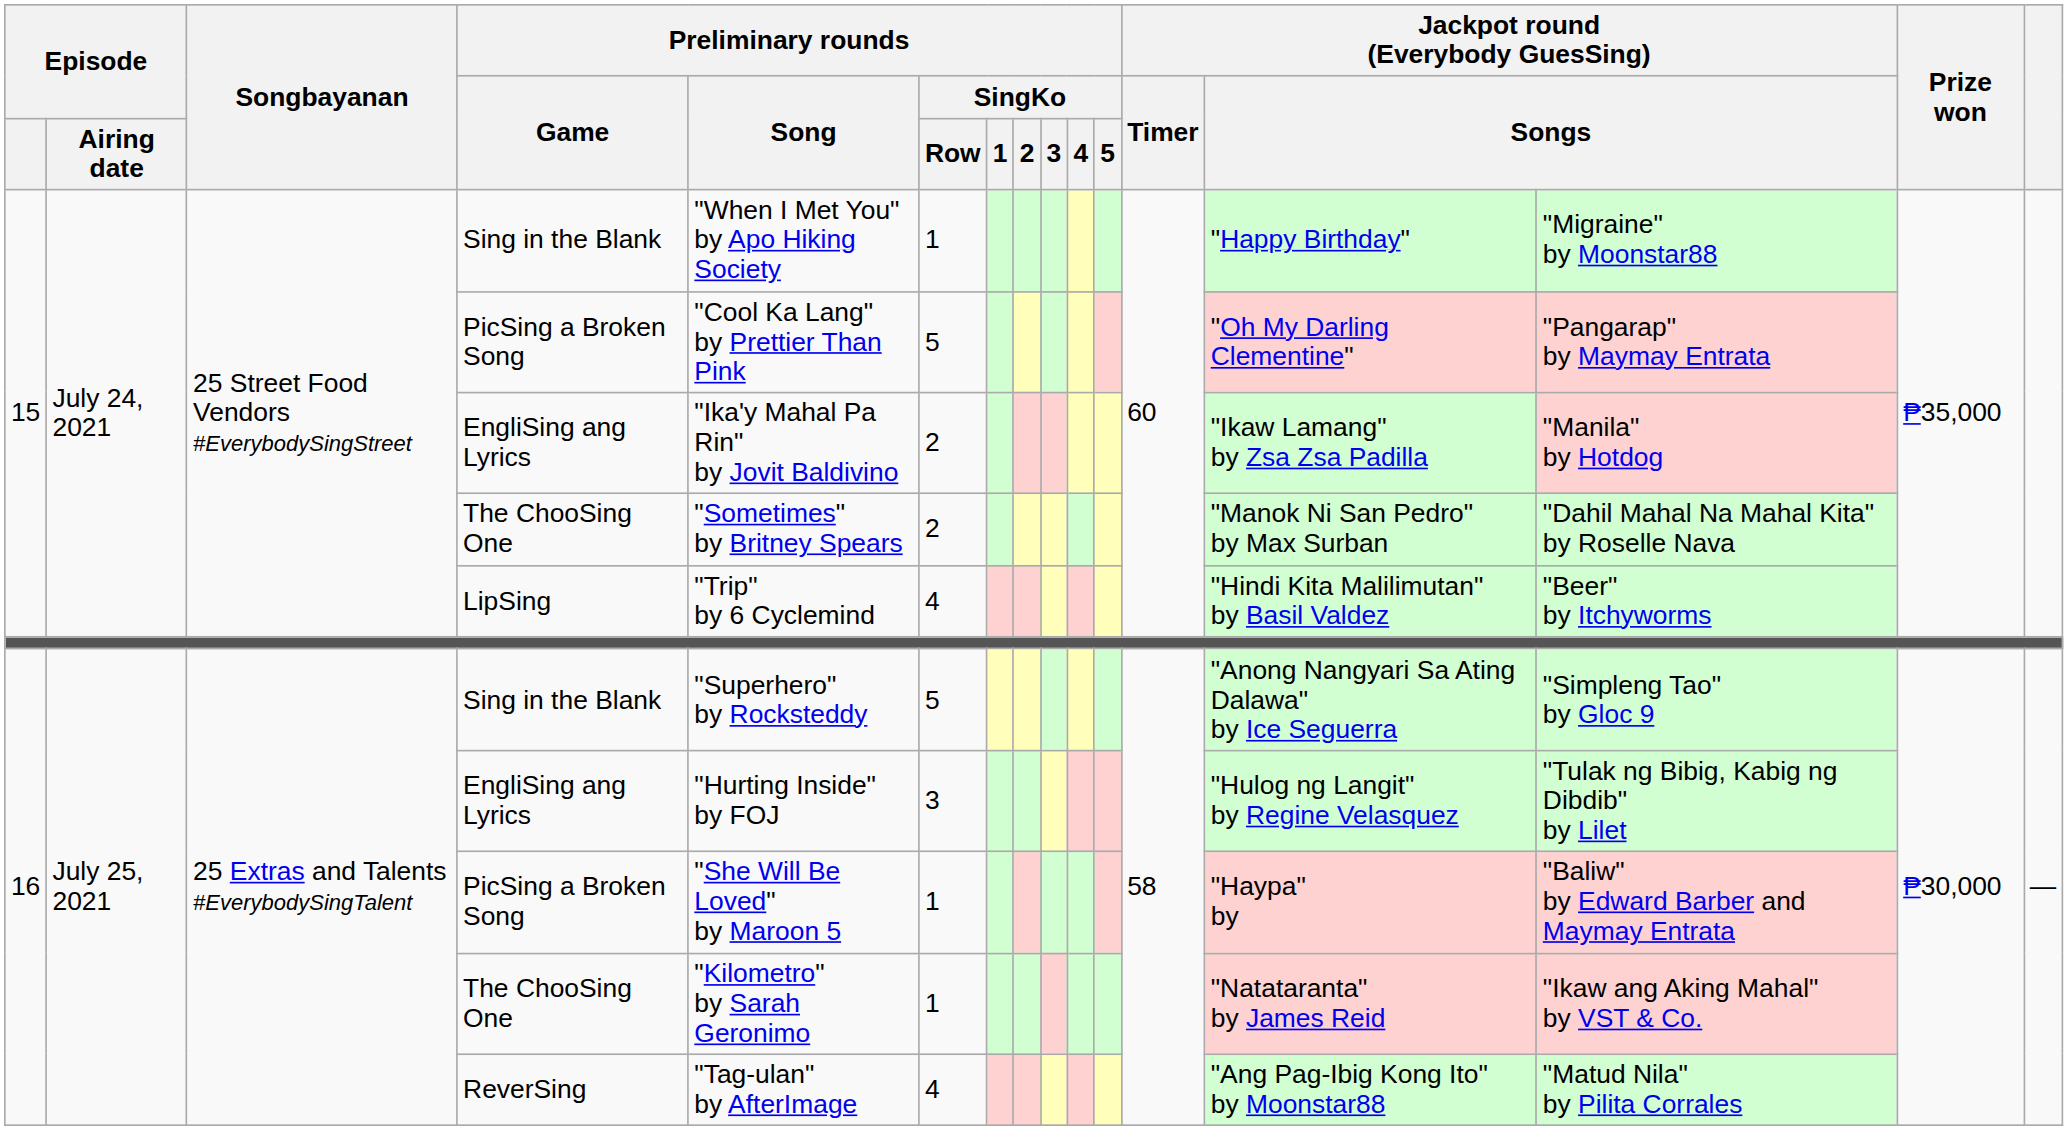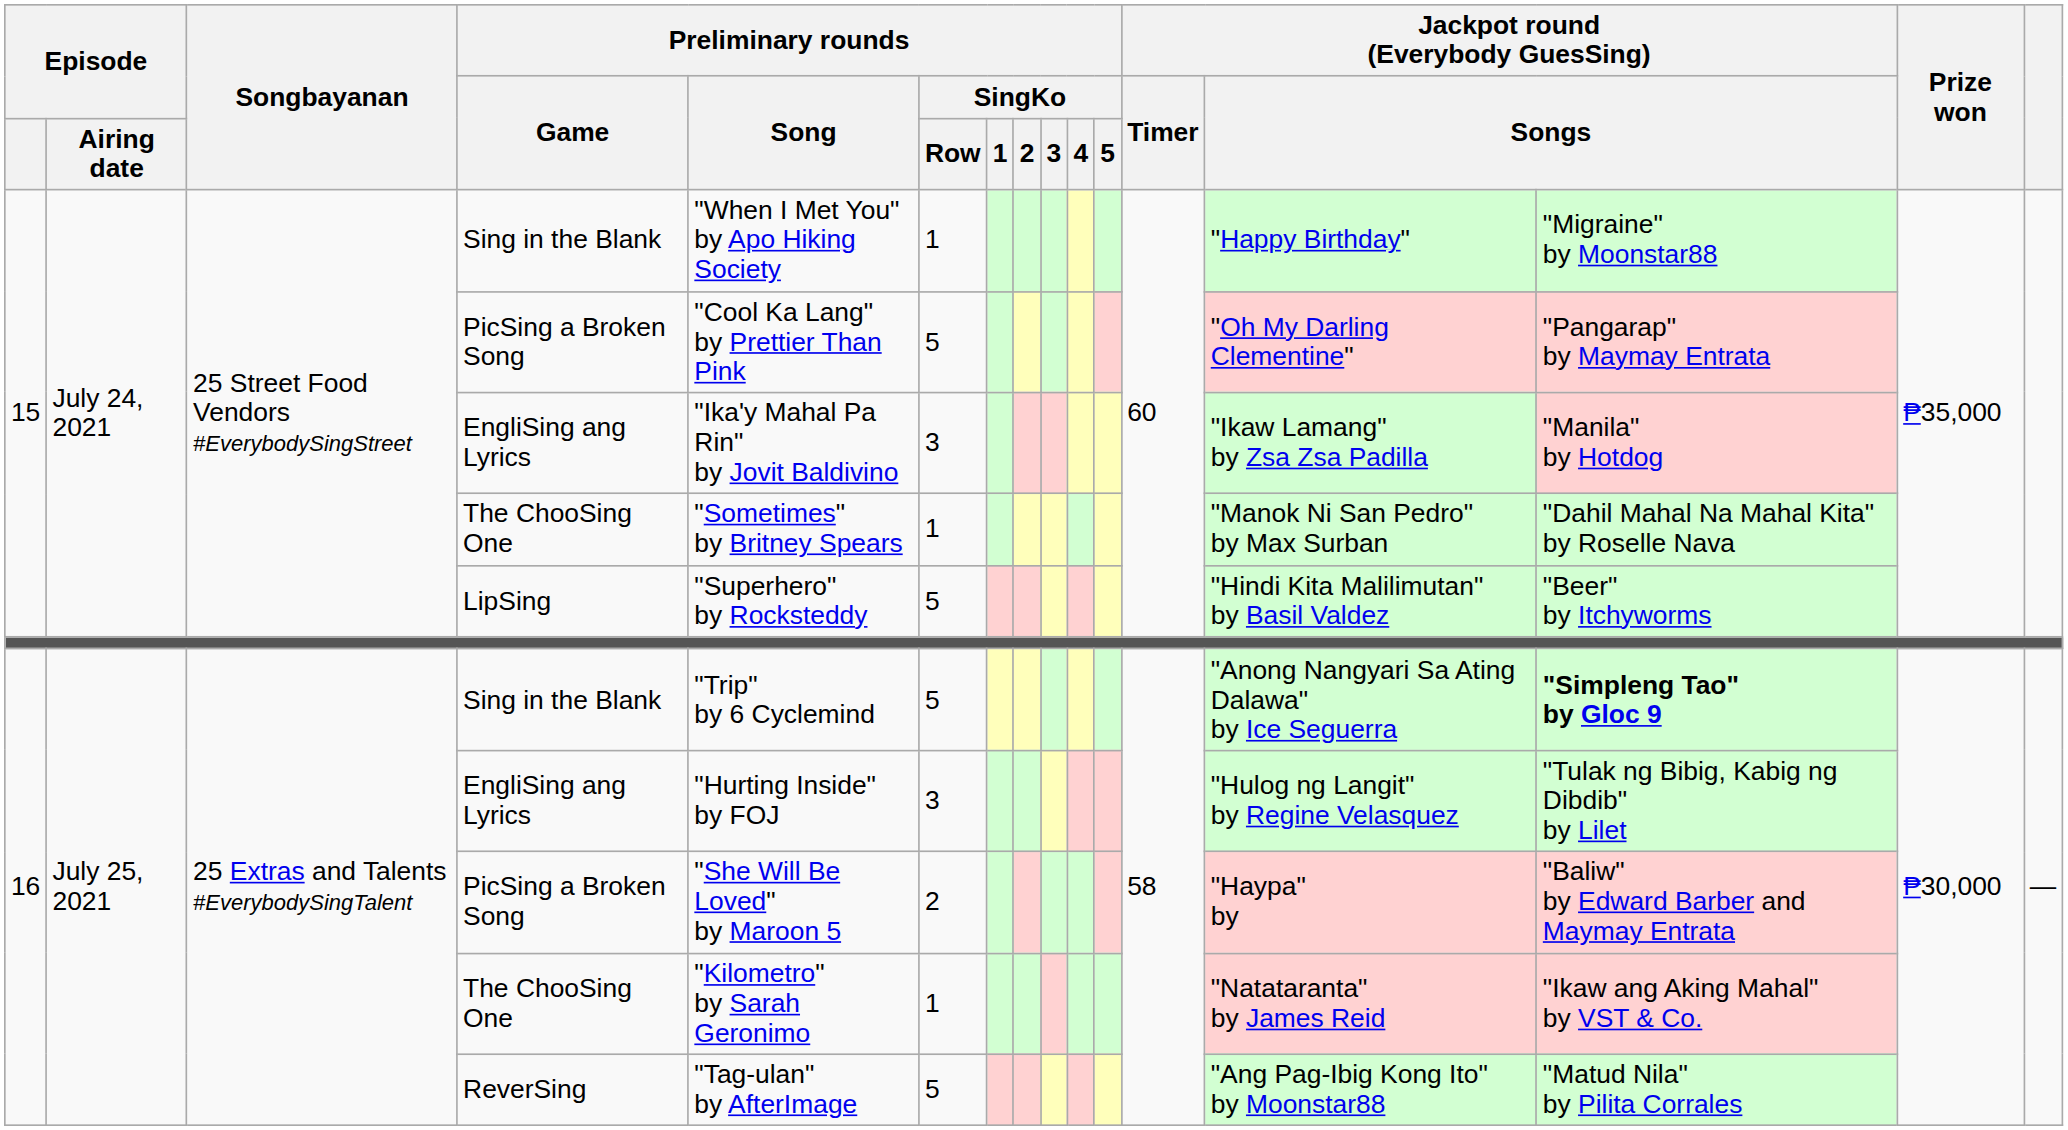 <table class="wikitable plainrowheaders mw-collapsible ">
 <tr>
 <th colspan="2" rowspan="2">Episode</th>
 <th rowspan="3">Songbayanan</th>
 <th colspan="8">Preliminary rounds</th>
 <th colspan="3">Jackpot round<br>(Everybody GuesSing)</th>
 <th rowspan="3">Prize won</th>
 <th rowspan="3"></th>
 </tr>
 <tr>
 <th rowspan="2">Game</th>
 <th rowspan="2">Song</th>
 <th colspan="6">SingKo</th>
 <th rowspan="2">Timer</th>
 <th colspan="2" rowspan="2">Songs</th>
 </tr>
 <tr>
 <th></th>
 <th>Airing date</th>
 <th>Row</th>
 <th>1</th>
 <th>2</th>
 <th>3</th>
 <th>4</th>
 <th>5</th>
 </tr>
 <tr>
 <td rowspan="5">15</td>
 <td rowspan="5">July 24, 2021</td>
 <td rowspan="5">25 Street Food Vendors<br><small><em>#EverybodySingStreet</em></small></td>
 <td>Sing in the Blank</td>
 <td>"When I Met You"<br>by <a href='#'>Apo Hiking Society</a></td>
 <td>1</td>
 <td style="background:#D2FFD2"></td>
 <td style="background:#D2FFD2"></td>
 <td style="background:#D2FFD2"></td>
 <td style="background:#FFB"></td>
 <td style="background:#D2FFD2"></td>
 <td rowspan="5">60 </td>
 <td style="background:#D2FFD2">"<a href='#'>Happy Birthday</a>"</td>
 <td style="background:#D2FFD2">"Migraine"<br>by <a href='#'>Moonstar88</a></td>
 <td rowspan="5"><a href='#'>₱</a>35,000</td>
 <td rowspan="5"><br></td>
 </tr>
 <tr>
 <td>PicSing a Broken Song</td>
 <td>"Cool Ka Lang"<br>by <a href='#'>Prettier Than Pink</a></td>
 <td>5</td>
 <td style="background:#D2FFD2"></td>
 <td style="background:#FFB"></td>
 <td style="background:#D2FFD2"></td>
 <td style="background:#FFB"></td>
 <td style="background:#FFD2D2"></td>
 <td style="background:#FFD2D2">"<a href='#'>Oh My Darling Clementine</a>"</td>
 <td style="background:#FFD2D2">"Pangarap"<br>by <a href='#'>Maymay Entrata</a></td>
 </tr>
 <tr>
 <td>EngliSing ang Lyrics</td>
 <td>"Ika'y Mahal Pa Rin"<br>by <a href='#'>Jovit Baldivino</a></td>
-<td>2</td>
+<td>3</td>
 <td style="background:#D2FFD2"></td>
 <td style="background:#FFD2D2"></td>
 <td style="background:#FFD2D2"></td>
 <td style="background:#FFB"></td>
 <td style="background:#FFB"></td>
 <td style="background:#D2FFD2">"Ikaw Lamang"<br>by <a href='#'>Zsa Zsa Padilla</a></td>
 <td style="background:#FFD2D2">"Manila"<br>by <a href='#'>Hotdog</a></td>
 </tr>
 <tr>
 <td>The ChooSing One</td>
 <td>"<a href='#'>Sometimes</a>"<br>by <a href='#'>Britney Spears</a></td>
-<td>2</td>
+<td>1</td>
 <td style="background:#D2FFD2"></td>
 <td style="background:#FFB"></td>
 <td style="background:#FFB"></td>
 <td style="background:#D2FFD2"></td>
 <td style="background:#FFB"></td>
 <td style="background:#D2FFD2">"Manok Ni San Pedro"<br>by Max Surban</td>
 <td style="background:#D2FFD2">"Dahil Mahal Na Mahal Kita"<br>by Roselle Nava</td>
 </tr>
 <tr>
 <td>LipSing</td>
-<td>"Trip"<br>by 6 Cyclemind</td>
-<td>4</td>
+<td>"Superhero"<br>by <a href='#'>Rocksteddy</a></td>
+<td>5</td>
 <td style="background:#FFD2D2"></td>
 <td style="background:#FFD2D2"></td>
 <td style="background:#FFB"></td>
 <td style="background:#FFD2D2"></td>
 <td style="background:#FFB"></td>
 <td style="background:#D2FFD2">"Hindi Kita Malilimutan"<br>by <a href='#'>Basil Valdez</a></td>
 <td style="background:#D2FFD2">"Beer"<br>by <a href='#'>Itchyworms</a></td>
 </tr>
 <tr>
 <th colspan="16" style="background:#555"></th>
 </tr>
 <tr>
 <td rowspan="9">16</td>
 <td rowspan="9">July 25, 2021</td>
 <td rowspan="9">25 <a href='#'>Extras</a> and Talents<br><small><em>#EverybodySingTalent</em></small></td>
 <td>Sing in the Blank</td>
-<td>"Superhero"<br>by <a href='#'>Rocksteddy</a></td>
+<td>"Trip"<br>by 6 Cyclemind</td>
 <td>5</td>
 <td style="background:#FFB"></td>
 <td style="background:#FFB"></td>
 <td style="background:#D2FFD2"></td>
 <td style="background:#FFB"></td>
 <td style="background:#D2FFD2"></td>
 <td rowspan="5">58 </td>
 <td style="background:#D2FFD2">"Anong Nangyari Sa Ating Dalawa"<br>by <a href='#'>Ice Seguerra</a></td>
-<td style="background:#D2FFD2">"Simpleng Tao"<br>by <a href='#'>Gloc 9</a></td>
+<td style="background:#D2FFD2"><strong>"Simpleng Tao"<br>by <a href='#'>Gloc 9</a></strong></td>
 <td rowspan="5"><a href='#'>₱</a>30,000</td>
 <td rowspan="5">—</td>
 </tr>
 <tr>
 <td>EngliSing ang Lyrics</td>
 <td>"Hurting Inside"<br>by FOJ</td>
 <td>3</td>
 <td style="background:#D2FFD2"></td>
 <td style="background:#D2FFD2"></td>
 <td style="background:#FFB"></td>
 <td style="background:#FFD2D2"></td>
 <td style="background:#FFD2D2"></td>
 <td style="background:#D2FFD2">"Hulog ng Langit"<br>by <a href='#'>Regine Velasquez</a></td>
 <td style="background:#D2FFD2">"Tulak ng Bibig, Kabig ng Dibdib"<br>by <a href='#'>Lilet</a></td>
 </tr>
 <tr>
 <td>PicSing a Broken Song</td>
 <td>"<a href='#'>She Will Be Loved</a>"<br>by <a href='#'>Maroon 5</a></td>
-<td>1</td>
+<td>2</td>
 <td style="background:#D2FFD2"></td>
 <td style="background:#FFD2D2"></td>
 <td style="background:#D2FFD2"></td>
 <td style="background:#D2FFD2"></td>
 <td style="background:#FFD2D2"></td>
 <td style="background:#FFD2D2">"Haypa"<br>by </td>
 <td style="background:#FFD2D2">"Baliw"<br>by <a href='#'>Edward Barber</a> and <a href='#'>Maymay Entrata</a></td>
 </tr>
 <tr>
 <td>The ChooSing One</td>
 <td>"<a href='#'>Kilometro</a>"<br>by <a href='#'>Sarah Geronimo</a></td>
 <td>1</td>
 <td style="background:#D2FFD2"></td>
 <td style="background:#D2FFD2"></td>
 <td style="background:#FFD2D2"></td>
 <td style="background:#D2FFD2"></td>
 <td style="background:#D2FFD2"></td>
 <td style="background:#FFD2D2">"Natataranta"<br>by <a href='#'>James Reid</a></td>
 <td style="background:#FFD2D2">"Ikaw ang Aking Mahal"<br>by <a href='#'>VST & Co.</a></td>
 </tr>
 <tr>
 <td>ReverSing</td>
 <td>"Tag-ulan"<br>by <a href='#'>AfterImage</a></td>
-<td>4</td>
+<td>5</td>
 <td style="background:#FFD2D2"></td>
 <td style="background:#FFD2D2"></td>
 <td style="background:#FFB"></td>
 <td style="background:#FFD2D2"></td>
 <td style="background:#FFB"></td>
 <td style="background:#D2FFD2">"Ang Pag-Ibig Kong Ito"<br>by <a href='#'>Moonstar88</a></td>
 <td style="background:#D2FFD2">"Matud Nila"<br>by <a href='#'>Pilita Corrales</a></td>
 </tr>
 </table>
